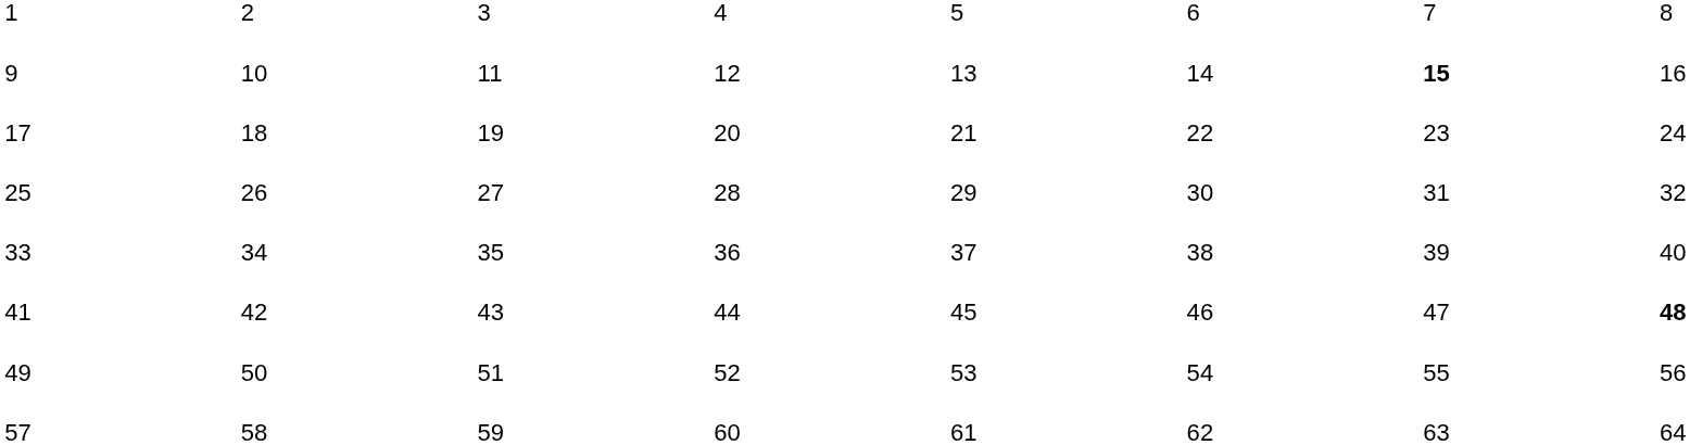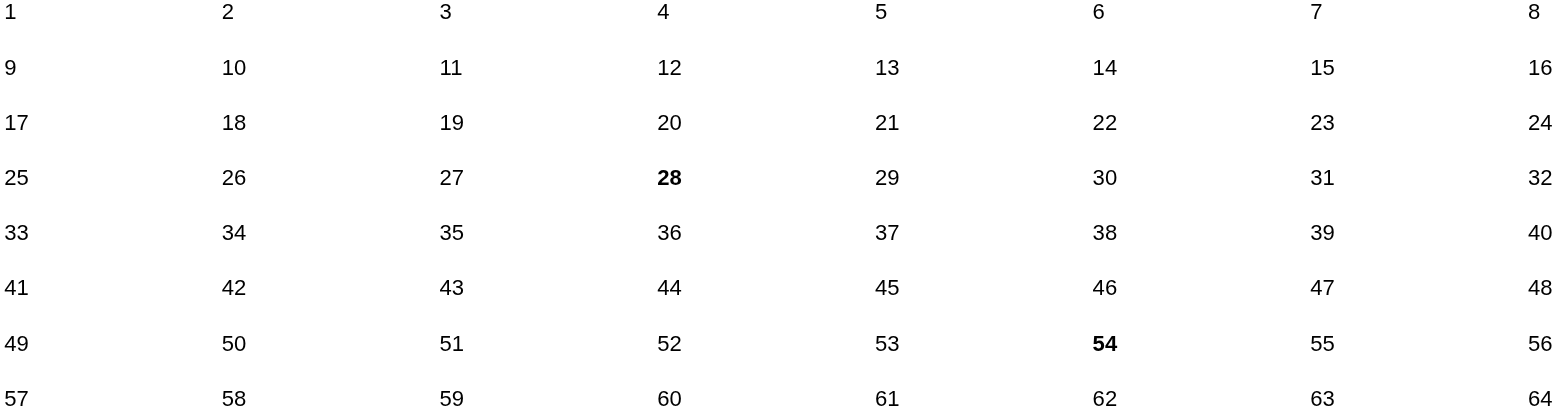 <table class="center" style="background: transparent; width: 100%; table-layout: fixed">
 <tr style="vertical-align: top">
 <td>1<br><br></td>
 <td>2<br><br></td>
 <td>3<br><br></td>
 <td>4<br><br></td>
 <td>5<br><br></td>
 <td>6<br><br></td>
 <td>7<br><br></td>
 <td>8<br><br></td>
 </tr>
 <tr style="vertical-align: top">
 <td>9<br><br></td>
 <td>10<br><br></td>
 <td>11<br><br></td>
 <td>12<br><br></td>
 <td>13<br><br></td>
 <td>14<br><br></td>
-<td><strong>15<br><br></strong></td>
+<td>15<br><br></td>
 <td>16<br><br></td>
 </tr>
 <tr style="vertical-align: top">
 <td>17<br><br></td>
 <td>18<br><br></td>
 <td>19<br><br></td>
 <td>20<br><br></td>
 <td>21<br><br></td>
 <td>22<br><br></td>
 <td>23<br><br></td>
 <td>24<br><br></td>
 </tr>
 <tr style="vertical-align: top">
 <td>25<br><br></td>
 <td>26<br><br></td>
 <td>27<br><br></td>
-<td>28<br><br></td>
+<td><strong>28<br><br></strong></td>
 <td>29<br><br></td>
 <td>30<br><br></td>
 <td>31<br><br></td>
 <td>32<br><br></td>
 </tr>
 <tr style="vertical-align: top">
 <td>33<br><br></td>
 <td>34<br><br></td>
 <td>35<br><br></td>
 <td>36<br><br></td>
 <td>37<br><br></td>
 <td>38<br><br></td>
 <td>39<br><br></td>
 <td>40<br><br></td>
 </tr>
 <tr style="vertical-align: top">
 <td>41<br><br></td>
 <td>42<br><br></td>
 <td>43<br><br></td>
 <td>44<br><br></td>
 <td>45<br><br></td>
 <td>46<br><br></td>
 <td>47<br><br></td>
-<td><strong>48<br><br></strong></td>
+<td>48<br><br></td>
 </tr>
 <tr style="vertical-align: top">
 <td>49<br><br></td>
 <td>50<br><br></td>
 <td>51<br><br></td>
 <td>52<br><br></td>
 <td>53<br><br></td>
-<td>54<br><br></td>
+<td><strong>54<br><br></strong></td>
 <td>55<br><br></td>
 <td>56<br><br></td>
 </tr>
 <tr style="vertical-align: top">
 <td>57<br><br></td>
 <td>58<br><br></td>
 <td>59<br><br></td>
 <td>60<br><br></td>
 <td>61<br><br></td>
 <td>62<br><br></td>
 <td>63<br><br></td>
 <td>64<br><br></td>
 </tr>
 </table>
